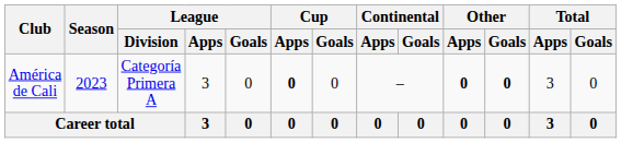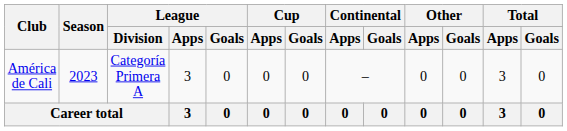 <table class=wikitable style=text-align:center>
 <tr>
 <th rowspan="2">Club</th>
 <th rowspan="2">Season</th>
 <th colspan="3">League</th>
 <th colspan="2">Cup</th>
 <th colspan="2">Continental</th>
 <th colspan="2">Other</th>
 <th colspan="2">Total</th>
 </tr>
 <tr>
 <th>Division</th>
 <th>Apps</th>
 <th>Goals</th>
 <th>Apps</th>
 <th>Goals</th>
 <th>Apps</th>
 <th>Goals</th>
 <th>Apps</th>
 <th>Goals</th>
 <th>Apps</th>
 <th>Goals</th>
 </tr>
 <tr>
 <td><a href='#'>América de Cali</a></td>
 <td><a href='#'>2023</a></td>
 <td><a href='#'>Categoría Primera A</a></td>
 <td>3</td>
 <td>0</td>
-<td><strong>0</strong></td>
+<td>0</td>
 <td>0</td>
 <td colspan="2">–</td>
-<td><strong>0</strong></td>
-<td><strong>0</strong></td>
+<td>0</td>
+<td>0</td>
 <td>3</td>
 <td>0</td>
 </tr>
 <tr>
 <th colspan="3"><strong>Career total</strong></th>
 <th>3</th>
 <th>0</th>
 <th>0</th>
 <th>0</th>
 <th>0</th>
 <th>0</th>
 <th>0</th>
 <th>0</th>
 <th>3</th>
 <th>0</th>
 </tr>
 </table>
